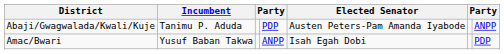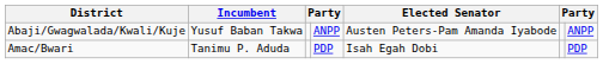 <table class="sortable wikitable" style="font-size:95%;line-height:14px;">
 <tr>
 <th class="unsortable">District</th>
 <th class="unsortable"><a href='#'>Incumbent</a></th>
 <th colspan="2">Party</th>
 <th class="unsortable">Elected Senator</th>
 <th colspan="2">Party</th>
 </tr>
 <tr>
 <td>Abaji/Gwagwalada/Kwali/Kuje</td>
-<td>Tanimu P. Aduda</td>
+<td>Yusuf Baban Takwa</td>
 <td style="background:"></td>
-<td><a href='#'>PDP</a></td>
+<td><a href='#'>ANPP</a></td>
 <td>Austen Peters-Pam Amanda Iyabode</td>
 <td style="background:"></td>
 <td><a href='#'>ANPP</a></td>
 </tr>
 <tr>
 <td>Amac/Bwari</td>
-<td>Yusuf Baban Takwa</td>
+<td>Tanimu P. Aduda</td>
 <td style="background:"></td>
-<td><a href='#'>ANPP</a></td>
+<td><a href='#'>PDP</a></td>
 <td>Isah Egah Dobi</td>
 <td style="background:"></td>
 <td><a href='#'>PDP</a></td>
 </tr>
 </table>
